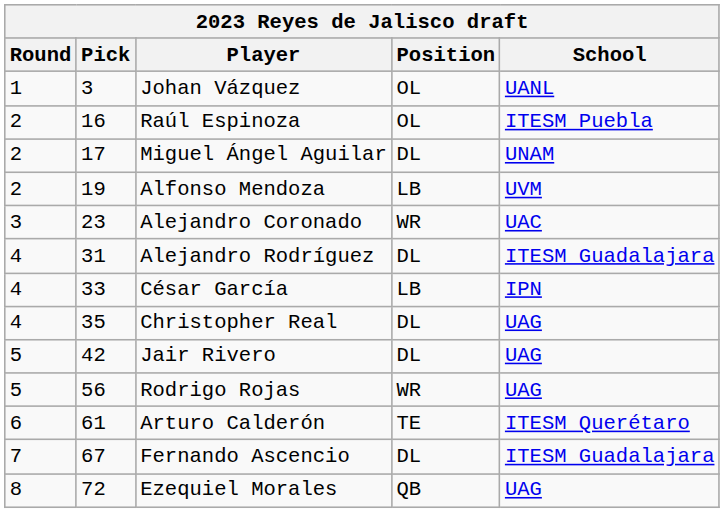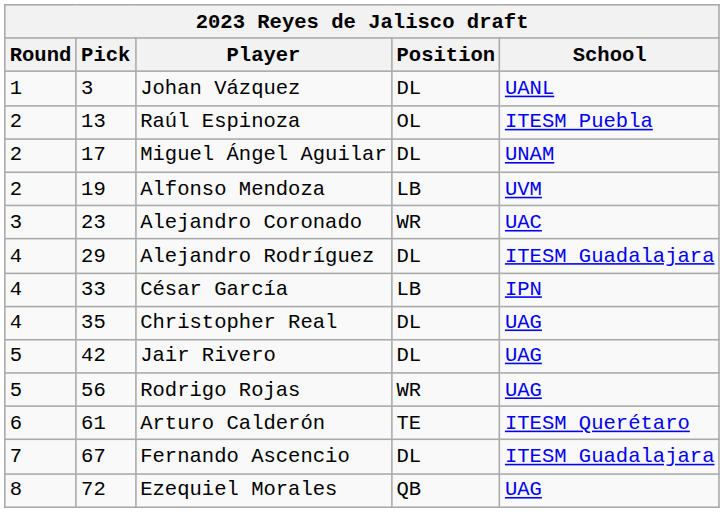 <table class="wikitable" style="text-align:left">
 <tr>
 <th colspan=5>2023 Reyes de Jalisco draft</th>
 </tr>
 <tr>
 <th>Round</th>
 <th>Pick</th>
 <th>Player</th>
 <th>Position</th>
 <th>School</th>
 </tr>
 <tr>
 <td>1</td>
 <td>3</td>
 <td>Johan Vázquez</td>
-<td>OL</td>
+<td>DL</td>
 <td><a href='#'>UANL</a></td>
 </tr>
 <tr>
 <td>2</td>
-<td>16</td>
+<td>13</td>
 <td>Raúl Espinoza</td>
 <td>OL</td>
 <td><a href='#'>ITESM Puebla</a></td>
 </tr>
 <tr>
 <td>2</td>
 <td>17</td>
 <td>Miguel Ángel Aguilar</td>
 <td>DL</td>
 <td><a href='#'>UNAM</a></td>
 </tr>
 <tr>
 <td>2</td>
 <td>19</td>
 <td>Alfonso Mendoza</td>
 <td>LB</td>
 <td><a href='#'>UVM</a></td>
 </tr>
 <tr>
 <td>3</td>
 <td>23</td>
 <td>Alejandro Coronado</td>
 <td>WR</td>
 <td><a href='#'>UAC</a></td>
 </tr>
 <tr>
 <td>4</td>
-<td>31</td>
+<td>29</td>
 <td>Alejandro Rodríguez</td>
 <td>DL</td>
 <td><a href='#'>ITESM Guadalajara</a></td>
 </tr>
 <tr>
 <td>4</td>
 <td>33</td>
 <td>César García</td>
 <td>LB</td>
 <td><a href='#'>IPN</a></td>
 </tr>
 <tr>
 <td>4</td>
 <td>35</td>
 <td>Christopher Real</td>
 <td>DL</td>
 <td><a href='#'>UAG</a></td>
 </tr>
 <tr>
 <td>5</td>
 <td>42</td>
 <td>Jair Rivero</td>
 <td>DL</td>
 <td><a href='#'>UAG</a></td>
 </tr>
 <tr>
 <td>5</td>
 <td>56</td>
 <td>Rodrigo Rojas</td>
 <td>WR</td>
 <td><a href='#'>UAG</a></td>
 </tr>
 <tr>
 <td>6</td>
 <td>61</td>
 <td>Arturo Calderón</td>
 <td>TE</td>
 <td><a href='#'>ITESM Querétaro</a></td>
 </tr>
 <tr>
 <td>7</td>
 <td>67</td>
 <td>Fernando Ascencio</td>
 <td>DL</td>
 <td><a href='#'>ITESM Guadalajara</a></td>
 </tr>
 <tr>
 <td>8</td>
 <td>72</td>
 <td>Ezequiel Morales</td>
 <td>QB</td>
 <td><a href='#'>UAG</a></td>
 </tr>
 </table>
